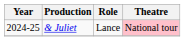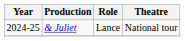 <table class="wikitable sortable">
 <tr>
 <th>Year</th>
 <th>Production</th>
 <th>Role</th>
 <th>Theatre</th>
 </tr>
 <tr>
 <td>2024-25</td>
 <td><em><a href='#'>& Juliet</a></em></td>
 <td>Lance</td>
-<td style="background: pink;">National tour</td>
+<td>National tour</td>
 </tr>
 <tr>
 </tr>
 </table>
